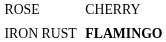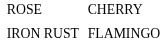 <table border=0 cellspacing=0 cellpadding=5 style="margin: 1em auto;">
 <tr>
 <td>ROSE</td>
 <td>CHERRY</td>
 </tr>
 <tr>
 <td>IRON RUST</td>
-<td><strong>FLAMINGO</strong></td>
+<td>FLAMINGO</td>
 </tr>
 </table>
